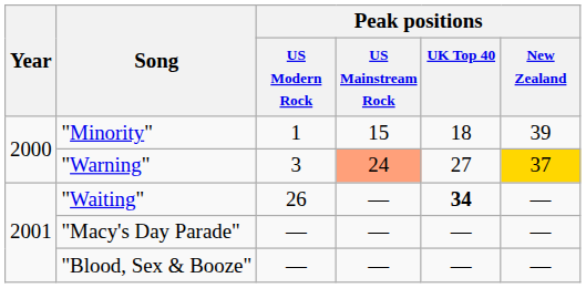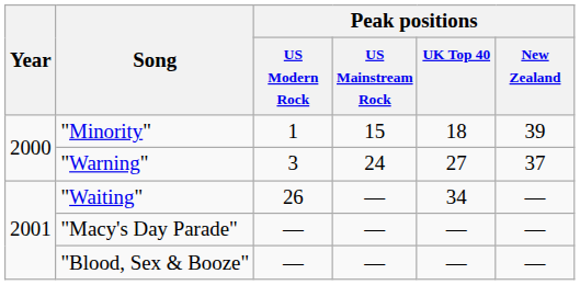 <table class="wikitable">
 <tr>
 <th rowspan="2">Year</th>
 <th rowspan="2">Song</th>
 <th colspan="8">Peak positions</th>
 </tr>
 <tr>
 <th style="font-size:85%;line-height:1.3;width:4em;vertical-align:top"><small><a href='#'>US Modern Rock</a></small><br></th>
 <th style="font-size:85%;line-height:1.3;width:4em;vertical-align:top"><small><a href='#'>US Mainstream Rock</a></small><br></th>
 <th style="font-size:85%;line-height:1.3;width:4em;vertical-align:top"><small><a href='#'>UK Top 40</a></small><br></th>
 <th style="font-size:85%;line-height:1.3;width:4em;vertical-align:top"><small><a href='#'>New Zealand</a></small></th>
 </tr>
 <tr>
 <td rowspan="2">2000</td>
 <td>"<a href='#'>Minority</a>"</td>
 <td align=center>1</td>
 <td align=center>15</td>
 <td align=center>18</td>
 <td align=center>39</td>
 </tr>
 <tr>
 <td>"<a href='#'>Warning</a>"</td>
 <td align=center>3</td>
-<td align=center style="background: lightsalmon;">24</td>
+<td align=center>24</td>
 <td align=center>27</td>
-<td align=center style="background: gold;">37</td>
+<td align=center>37</td>
 </tr>
 <tr>
 <td rowspan="3">2001</td>
 <td>"<a href='#'>Waiting</a>"</td>
 <td align=center>26</td>
 <td align=center>—</td>
-<td align=center><strong>34</strong></td>
+<td align=center>34</td>
 <td align=center>—</td>
 </tr>
 <tr>
 <td>"Macy's Day Parade"</td>
 <td align=center>—</td>
 <td align=center>—</td>
 <td align=center>—</td>
 <td align=center>—</td>
 </tr>
 <tr>
 <td>"Blood, Sex & Booze"</td>
 <td align=center>—</td>
 <td align=center>—</td>
 <td align=center>—</td>
 <td align=center>—</td>
 </tr>
 </table>
